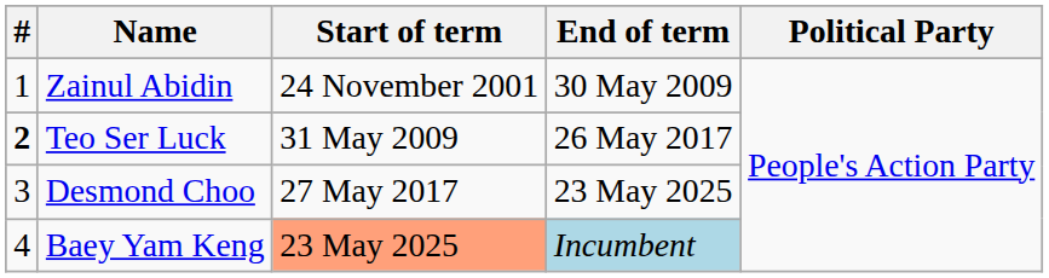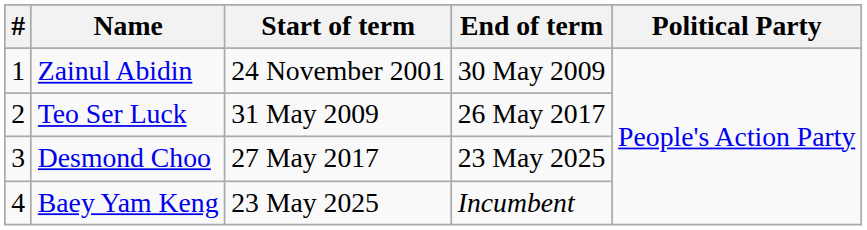 <table class="wikitable sortable">
 <tr>
 <th>#</th>
 <th>Name</th>
 <th>Start of term</th>
 <th>End of term</th>
 <th>Political Party</th>
 </tr>
 <tr>
 <td>1</td>
 <td><a href='#'>Zainul Abidin</a></td>
 <td>24 November 2001</td>
 <td>30 May 2009</td>
 <td rowspan="4"><a href='#'>People's Action Party</a></td>
 </tr>
 <tr>
-<td><strong>2</strong></td>
+<td>2</td>
 <td><a href='#'>Teo Ser Luck</a></td>
 <td>31 May 2009</td>
 <td>26 May 2017</td>
 </tr>
 <tr>
 <td>3</td>
 <td><a href='#'>Desmond Choo</a></td>
 <td>27 May 2017</td>
 <td>23 May 2025</td>
 </tr>
 <tr>
 <td>4</td>
 <td><a href='#'>Baey Yam Keng</a></td>
-<td style="background: lightsalmon;">23 May 2025</td>
-<td style="background: lightblue;"><em>Incumbent</em></td>
+<td>23 May 2025</td>
+<td><em>Incumbent</em></td>
 </tr>
 </table>
